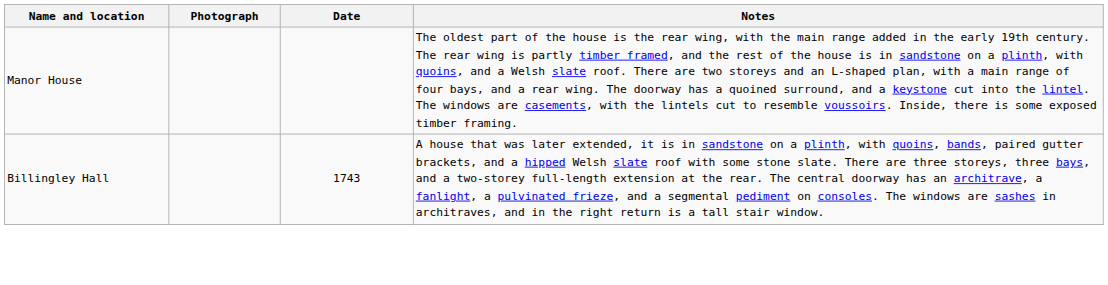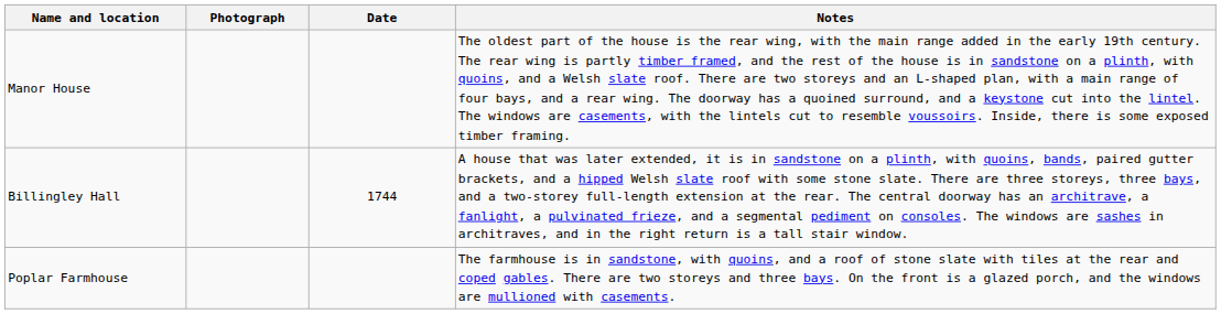 <table class="wikitable sortable plainrowheaders" style="width:100%;border:0px;text-align:left;line-height:150%;">
 <tr>
 <th scope="col"  style="width:150px">Name and location</th>
 <th scope="col"  style="width:100px" class="unsortable">Photograph</th>
 <th scope="col"  style="width:120px">Date</th>
 <th scope="col"  style="width:650px" class="unsortable">Notes</th>
 </tr>
 <tr>
 <td>Manor House<br><small></small></td>
 <td></td>
 <td align="center"></td>
 <td>The oldest part of the house is the rear wing, with the main range added in the early 19th century.  The rear wing is partly <a href='#'>timber framed</a>, and the rest of the house is in <a href='#'>sandstone</a> on a <a href='#'>plinth</a>, with <a href='#'>quoins</a>, and a Welsh <a href='#'>slate</a> roof.  There are two storeys and an L-shaped plan, with a main range of four bays, and a rear wing.  The doorway has a quoined surround, and a <a href='#'>keystone</a> cut into the <a href='#'>lintel</a>.  The windows are <a href='#'>casements</a>, with the lintels cut to resemble <a href='#'>voussoirs</a>.  Inside, there is some exposed timber framing.</td>
 </tr>
 <tr>
 <td>Billingley Hall<br><small></small></td>
 <td></td>
-<td align="center">1743</td>
+<td align="center">1744</td>
 <td>A house that was later extended, it is in <a href='#'>sandstone</a> on a <a href='#'>plinth</a>, with <a href='#'>quoins</a>, <a href='#'>bands</a>, paired gutter brackets, and a <a href='#'>hipped</a> Welsh <a href='#'>slate</a> roof with some stone slate.  There are three storeys, three <a href='#'>bays</a>, and a two-storey full-length extension at the rear.  The central doorway has an <a href='#'>architrave</a>, a <a href='#'>fanlight</a>, a <a href='#'>pulvinated frieze</a>, and a segmental <a href='#'>pediment</a> on <a href='#'>consoles</a>.  The windows are <a href='#'>sashes</a> in architraves, and in the right return is a tall stair window.</td>
+</tr>
+<tr>
+<td>Poplar Farmhouse<br><small></small></td>
+<td></td>
+<td align="center"></td>
+<td>The farmhouse is in <a href='#'>sandstone</a>, with <a href='#'>quoins</a>, and a roof of stone slate with tiles at the rear and <a href='#'>coped</a> <a href='#'>gables</a>.  There are two storeys and three <a href='#'>bays</a>.  On the front is a glazed porch, and the windows are <a href='#'>mullioned</a> with <a href='#'>casements</a>.</td>
 </tr>
 <tr>
 </tr>
 </table>
